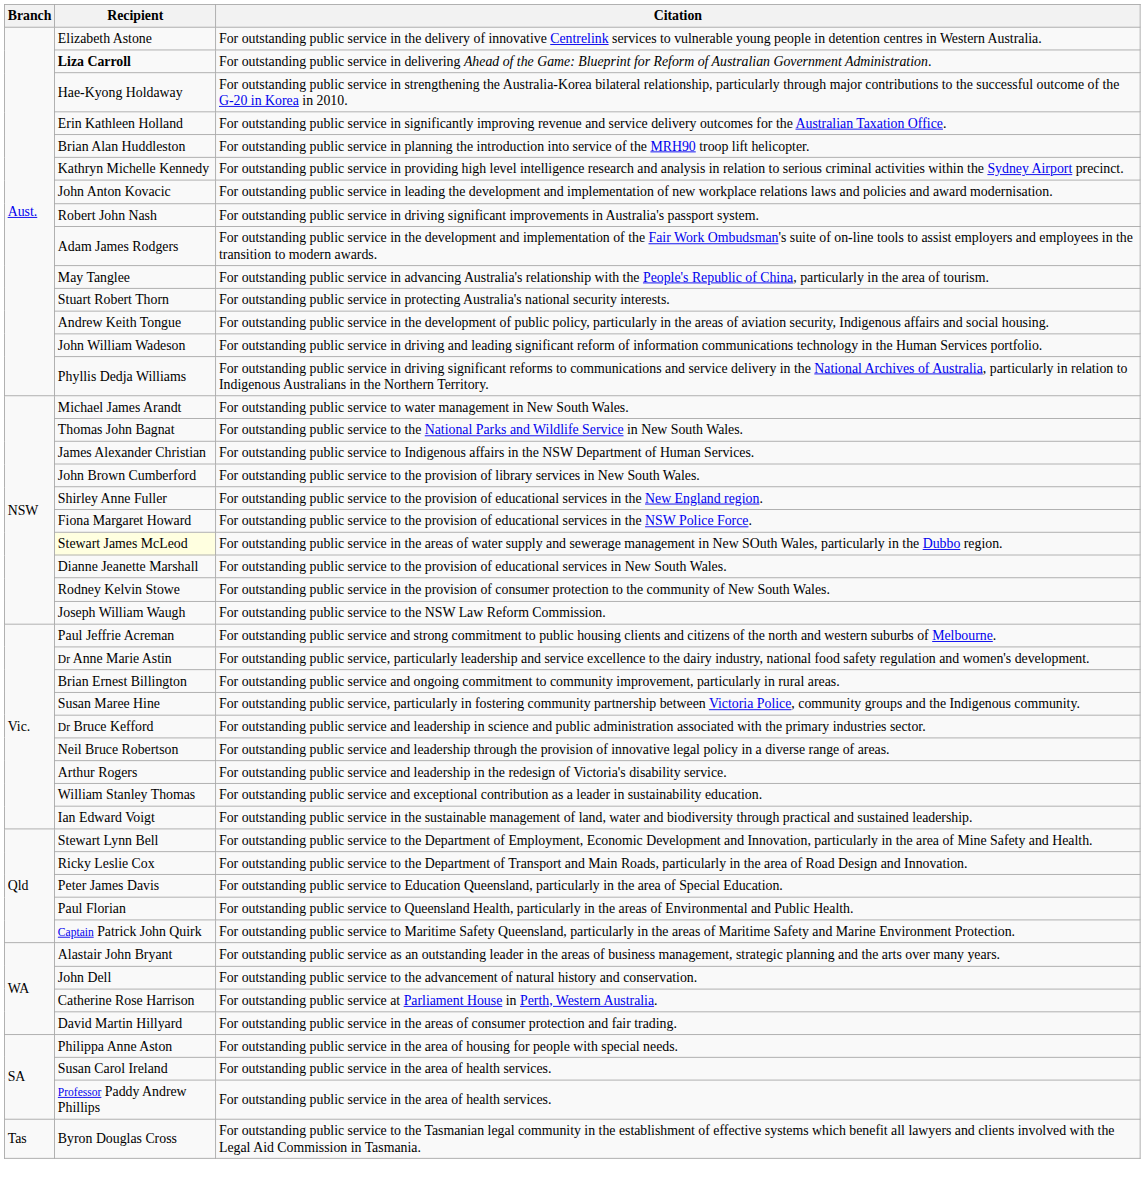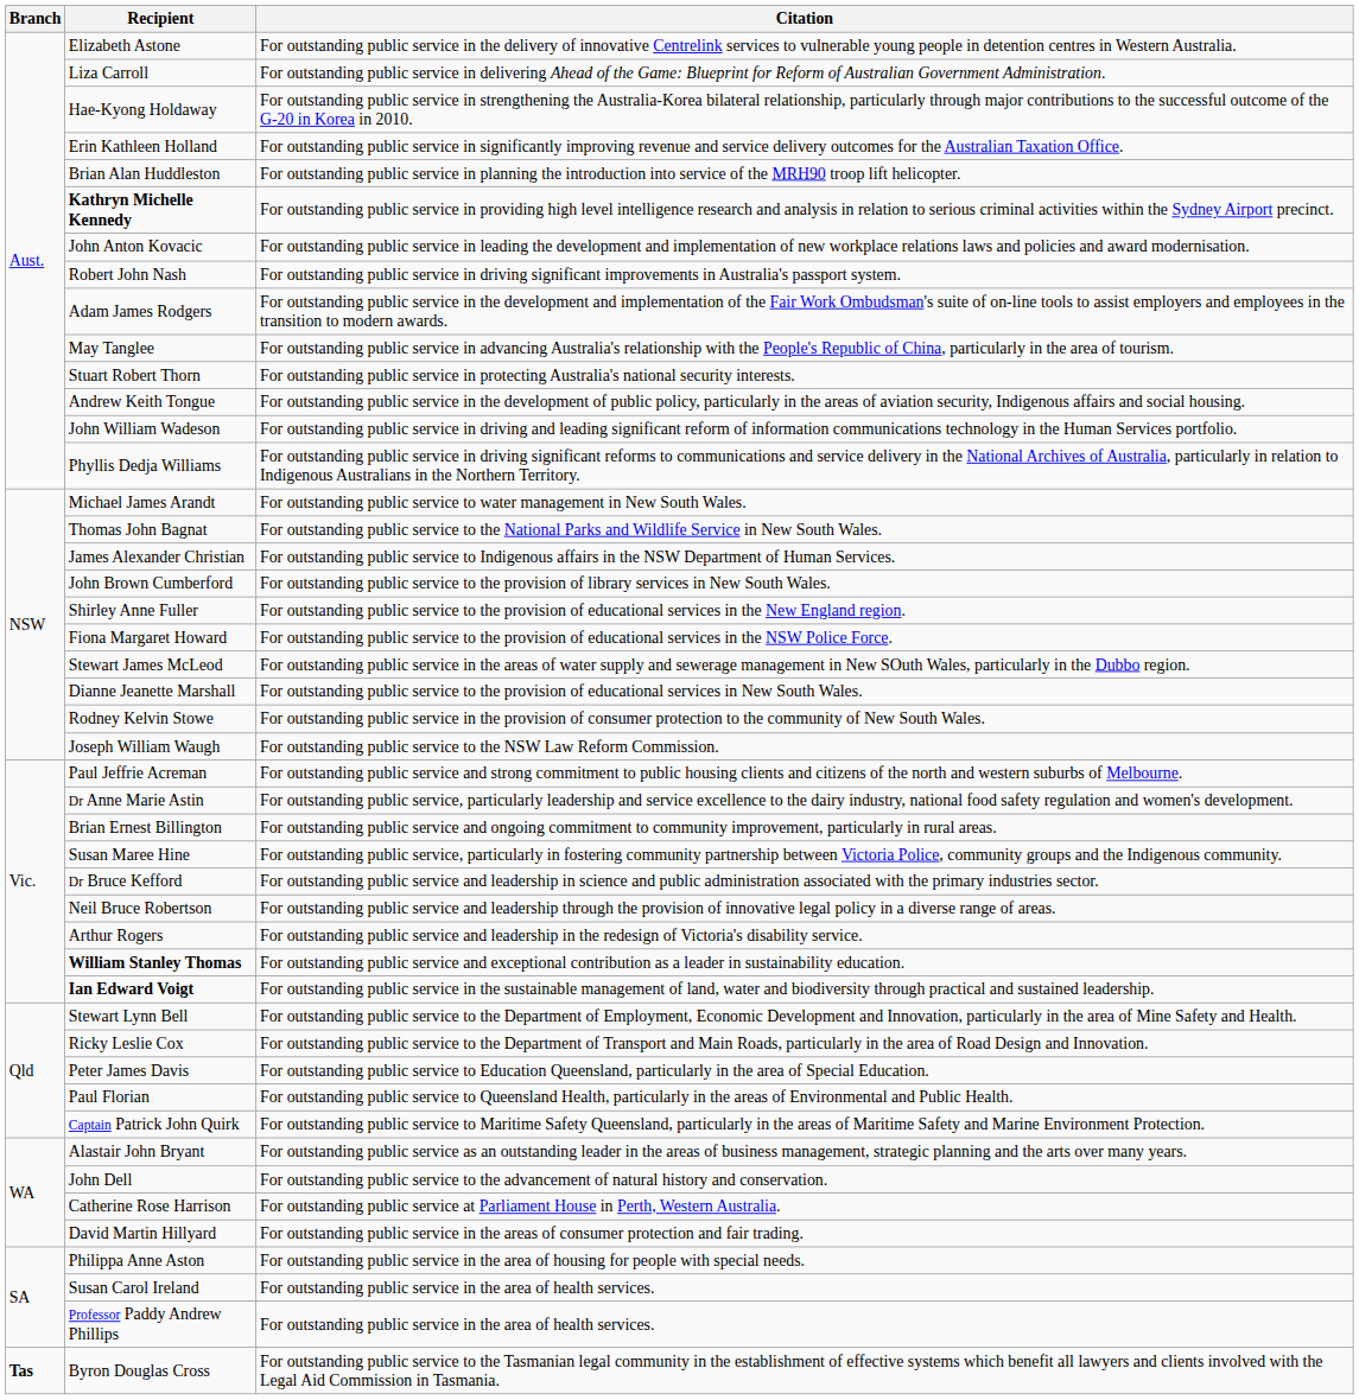 <table class="wikitable" style="font-size:95%;">
 <tr>
 <th>Branch</th>
 <th scope="col" width="170">Recipient</th>
 <th>Citation</th>
 </tr>
 <tr>
 <td rowspan="14"><a href='#'>Aust.</a></td>
 <td>Elizabeth Astone</td>
 <td>For outstanding public service in the delivery of innovative <a href='#'>Centrelink</a> services to vulnerable young people in detention centres in Western Australia.</td>
 </tr>
 <tr>
-<td><strong>Liza Carroll</strong></td>
+<td>Liza Carroll</td>
 <td>For outstanding public service in delivering <em>Ahead of the Game: Blueprint for Reform of Australian Government Administration</em>.</td>
 </tr>
 <tr>
 <td>Hae-Kyong Holdaway</td>
 <td>For outstanding public service in strengthening the Australia-Korea bilateral relationship, particularly through major contributions to the successful outcome of the <a href='#'>G-20 in Korea</a> in 2010.</td>
 </tr>
 <tr>
 <td>Erin Kathleen Holland</td>
 <td>For outstanding public service in significantly improving revenue and service delivery outcomes for the <a href='#'>Australian Taxation Office</a>.</td>
 </tr>
 <tr>
 <td>Brian Alan Huddleston</td>
 <td>For outstanding public service in planning the introduction into service of the <a href='#'>MRH90</a> troop lift helicopter.</td>
 </tr>
 <tr>
-<td>Kathryn Michelle Kennedy</td>
+<td><strong>Kathryn Michelle Kennedy</strong></td>
 <td>For outstanding public service in providing high level intelligence research and analysis in relation to serious criminal activities within the <a href='#'>Sydney Airport</a> precinct.</td>
 </tr>
 <tr>
 <td>John Anton Kovacic</td>
 <td>For outstanding public service in leading the development and implementation of new workplace relations laws and policies and award modernisation.</td>
 </tr>
 <tr>
 <td>Robert John Nash</td>
 <td>For outstanding public service in driving significant improvements in Australia's passport system.</td>
 </tr>
 <tr>
 <td>Adam James Rodgers</td>
 <td>For outstanding public service in the development and implementation of the <a href='#'>Fair Work Ombudsman</a>'s suite of on-line tools to assist employers and employees in the transition to modern awards.</td>
 </tr>
 <tr>
 <td>May Tanglee</td>
 <td>For outstanding public service in advancing Australia's relationship with the <a href='#'>People's Republic of China</a>, particularly in the area of tourism.</td>
 </tr>
 <tr>
 <td>Stuart Robert Thorn</td>
 <td>For outstanding public service in protecting Australia's national security interests.</td>
 </tr>
 <tr>
 <td>Andrew Keith Tongue</td>
 <td>For outstanding public service in the development of public policy, particularly in the areas of aviation security, Indigenous affairs and social housing.</td>
 </tr>
 <tr>
 <td>John William Wadeson</td>
 <td>For outstanding public service in driving and leading significant reform of information communications technology in the Human Services portfolio.</td>
 </tr>
 <tr>
 <td>Phyllis Dedja Williams</td>
 <td>For outstanding public service in driving significant reforms to communications and service delivery in the <a href='#'>National Archives of Australia</a>, particularly in relation to Indigenous Australians in the Northern Territory.</td>
 </tr>
 <tr>
 <td rowspan="10">NSW</td>
 <td>Michael James Arandt</td>
 <td>For outstanding public service to water management in New South Wales.</td>
 </tr>
 <tr>
 <td>Thomas John Bagnat</td>
 <td>For outstanding public service to the <a href='#'>National Parks and Wildlife Service</a> in New South Wales.</td>
 </tr>
 <tr>
 <td>James Alexander Christian</td>
 <td>For outstanding public service to Indigenous affairs in the NSW Department of Human Services.</td>
 </tr>
 <tr>
 <td>John Brown Cumberford</td>
 <td>For outstanding public service to the provision of library services in New South Wales.</td>
 </tr>
 <tr>
 <td>Shirley Anne Fuller</td>
 <td>For outstanding public service to the provision of educational services in the <a href='#'>New England region</a>.</td>
 </tr>
 <tr>
 <td>Fiona Margaret Howard</td>
 <td>For outstanding public service to the provision of educational services in the <a href='#'>NSW Police Force</a>.</td>
 </tr>
 <tr>
-<td style="background: lightyellow;">Stewart James McLeod</td>
+<td>Stewart James McLeod</td>
 <td>For outstanding public service in the areas of water supply and sewerage management in New SOuth Wales, particularly in the <a href='#'>Dubbo</a> region.</td>
 </tr>
 <tr>
 <td>Dianne Jeanette Marshall</td>
 <td>For outstanding public service to the provision of educational services in New South Wales.</td>
 </tr>
 <tr>
 <td>Rodney Kelvin Stowe</td>
 <td>For outstanding public service in the provision of consumer protection to the community of New South Wales.</td>
 </tr>
 <tr>
 <td>Joseph William Waugh</td>
 <td>For outstanding public service to the NSW Law Reform Commission.</td>
 </tr>
 <tr>
 <td rowspan="9">Vic.</td>
 <td>Paul Jeffrie Acreman</td>
 <td>For outstanding public service and strong commitment to public housing clients and citizens of the north and western suburbs of <a href='#'>Melbourne</a>.</td>
 </tr>
 <tr>
 <td><small>Dr</small> Anne Marie Astin</td>
 <td>For outstanding public service, particularly leadership and service excellence to the dairy industry, national food safety regulation and women's development.</td>
 </tr>
 <tr>
 <td>Brian Ernest Billington</td>
 <td>For outstanding public service and ongoing commitment to community improvement, particularly in rural areas.</td>
 </tr>
 <tr>
 <td>Susan Maree Hine</td>
 <td>For outstanding public service, particularly in fostering community partnership between <a href='#'>Victoria Police</a>, community groups and the Indigenous community.</td>
 </tr>
 <tr>
 <td><small>Dr</small> Bruce Kefford</td>
 <td>For outstanding public service and leadership in science and public administration associated with the primary industries sector.</td>
 </tr>
 <tr>
 <td>Neil Bruce Robertson</td>
 <td>For outstanding public service and leadership through the provision of innovative legal policy in a diverse range of areas.</td>
 </tr>
 <tr>
 <td>Arthur Rogers</td>
 <td>For outstanding public service and leadership in the redesign of Victoria's disability service.</td>
 </tr>
 <tr>
-<td>William Stanley Thomas</td>
+<td><strong>William Stanley Thomas</strong></td>
 <td>For outstanding public service and exceptional contribution as a leader in sustainability education.</td>
 </tr>
 <tr>
-<td>Ian Edward Voigt</td>
+<td><strong>Ian Edward Voigt</strong></td>
 <td>For outstanding public service in the sustainable management of land, water and biodiversity through practical and sustained leadership.</td>
 </tr>
 <tr>
 <td rowspan="5">Qld</td>
 <td>Stewart Lynn Bell</td>
 <td>For outstanding public service to the Department of Employment, Economic Development and Innovation, particularly in the area of Mine Safety and Health.</td>
 </tr>
 <tr>
 <td>Ricky Leslie Cox</td>
 <td>For outstanding public service to the Department of Transport and Main Roads, particularly in the area of Road Design and Innovation.</td>
 </tr>
 <tr>
 <td>Peter James Davis</td>
 <td>For outstanding public service to Education Queensland, particularly in the area of Special Education.</td>
 </tr>
 <tr>
 <td>Paul Florian</td>
 <td>For outstanding public service to Queensland Health, particularly in the areas of Environmental and Public Health.</td>
 </tr>
 <tr>
 <td><small><a href='#'>Captain</a></small> Patrick John Quirk</td>
 <td>For outstanding public service to Maritime Safety Queensland, particularly in the areas of Maritime Safety and Marine Environment Protection.</td>
 </tr>
 <tr>
 <td rowspan="4">WA</td>
 <td>Alastair John Bryant</td>
 <td>For outstanding public service as an outstanding leader in the areas of business management, strategic planning and the arts over many years.</td>
 </tr>
 <tr>
 <td>John Dell</td>
 <td>For outstanding public service to the advancement of natural history and conservation.</td>
 </tr>
 <tr>
 <td>Catherine Rose Harrison</td>
 <td>For outstanding public service at <a href='#'>Parliament House</a> in <a href='#'>Perth, Western Australia</a>.</td>
 </tr>
 <tr>
 <td>David Martin Hillyard</td>
 <td>For outstanding public service in the areas of consumer protection and fair trading.</td>
 </tr>
 <tr>
 <td rowspan="3">SA</td>
 <td>Philippa Anne Aston</td>
 <td>For outstanding public service in the area of housing for people with special needs.</td>
 </tr>
 <tr>
 <td>Susan Carol Ireland</td>
 <td>For outstanding public service in the area of health services.</td>
 </tr>
 <tr>
 <td><small><a href='#'>Professor</a></small> Paddy Andrew Phillips</td>
 <td>For outstanding public service in the area of health services.</td>
 </tr>
 <tr>
-<td>Tas</td>
+<td><strong>Tas</strong></td>
 <td>Byron Douglas Cross</td>
 <td>For outstanding public service to the Tasmanian legal community in the establishment of effective systems which benefit all lawyers and clients involved with the Legal Aid Commission in Tasmania.</td>
 </tr>
 </table>
